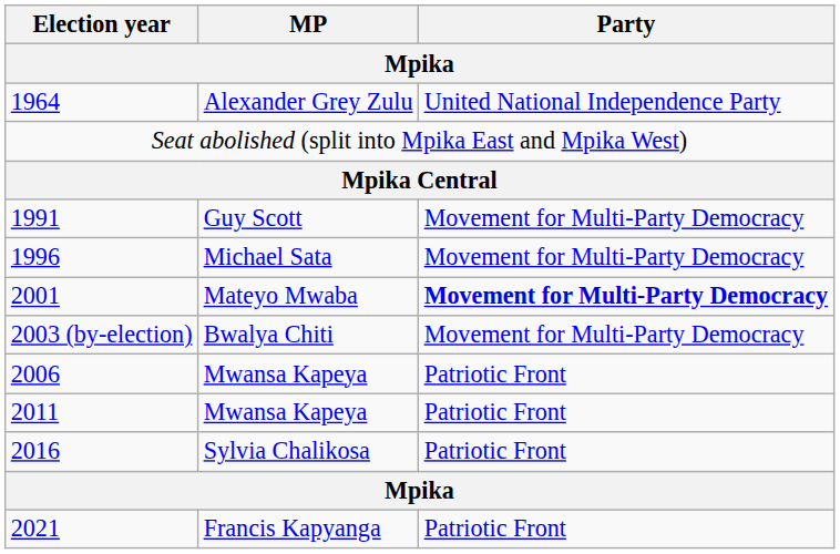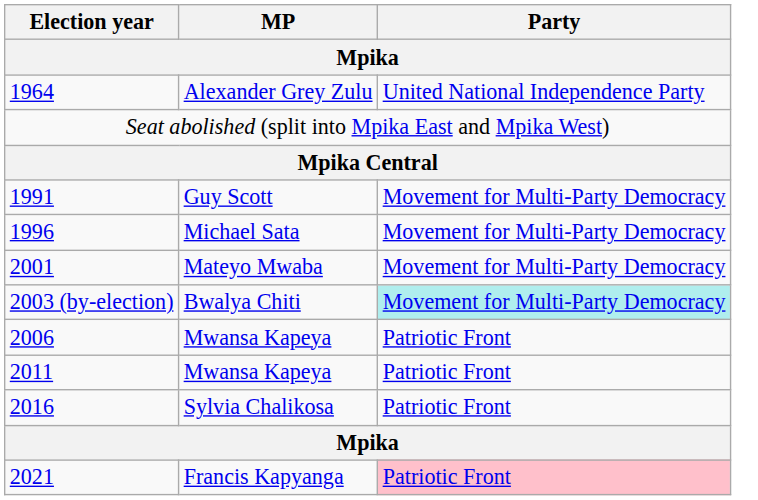 <table class=wikitable>
 <tr>
 <th>Election year</th>
 <th>MP</th>
 <th>Party</th>
 </tr>
 <tr>
 <th colspan=3>Mpika</th>
 </tr>
 <tr>
 <td><a href='#'>1964</a></td>
 <td><a href='#'>Alexander Grey Zulu</a></td>
 <td><a href='#'>United National Independence Party</a></td>
 </tr>
 <tr>
 <td colspan=3 align=center><em>Seat abolished</em> (split into <a href='#'>Mpika East</a> and <a href='#'>Mpika West</a>)</td>
 </tr>
 <tr>
 <th colspan=3>Mpika Central</th>
 </tr>
 <tr>
 <td><a href='#'>1991</a></td>
 <td><a href='#'>Guy Scott</a></td>
 <td><a href='#'>Movement for Multi-Party Democracy</a></td>
 </tr>
 <tr>
 <td><a href='#'>1996</a></td>
 <td><a href='#'>Michael Sata</a></td>
 <td><a href='#'>Movement for Multi-Party Democracy</a></td>
 </tr>
 <tr>
 <td><a href='#'>2001</a></td>
 <td><a href='#'>Mateyo Mwaba</a></td>
-<td><strong><a href='#'>Movement for Multi-Party Democracy</a></strong></td>
+<td><a href='#'>Movement for Multi-Party Democracy</a></td>
 </tr>
 <tr>
 <td><a href='#'>2003 (by-election)</a></td>
 <td><a href='#'>Bwalya Chiti</a></td>
-<td><a href='#'>Movement for Multi-Party Democracy</a></td>
+<td style="background: paleturquoise;"><a href='#'>Movement for Multi-Party Democracy</a></td>
 </tr>
 <tr>
 <td><a href='#'>2006</a></td>
 <td><a href='#'>Mwansa Kapeya</a></td>
 <td><a href='#'>Patriotic Front</a></td>
 </tr>
 <tr>
 <td><a href='#'>2011</a></td>
 <td><a href='#'>Mwansa Kapeya</a></td>
 <td><a href='#'>Patriotic Front</a></td>
 </tr>
 <tr>
 <td><a href='#'>2016</a></td>
 <td><a href='#'>Sylvia Chalikosa</a></td>
 <td><a href='#'>Patriotic Front</a></td>
 </tr>
 <tr>
 <th colspan=3>Mpika</th>
 </tr>
 <tr>
 <td><a href='#'>2021</a></td>
 <td><a href='#'>Francis Kapyanga</a></td>
-<td><a href='#'>Patriotic Front</a></td>
+<td style="background: pink;"><a href='#'>Patriotic Front</a></td>
 </tr>
 </table>
